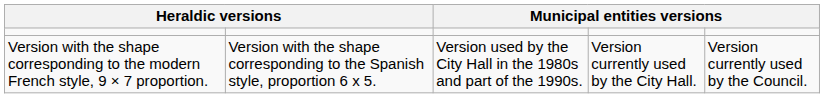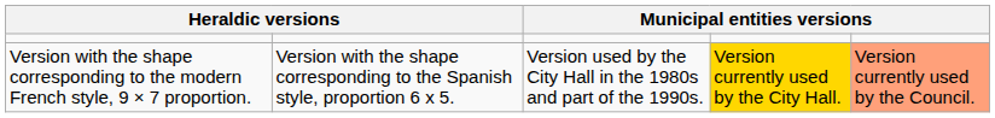 <table class="wikitable">
 <tr>
 <th colspan="2">Heraldic versions</th>
 <th colspan="3">Municipal entities versions</th>
 </tr>
 <tr>
 <td></td>
 <td></td>
 <td></td>
 <td></td>
 <td></td>
 </tr>
 <tr>
 <td>Version with the shape corresponding to the modern French style, 9 × 7 proportion.</td>
 <td>Version with the shape corresponding to the Spanish style, proportion 6 x 5.</td>
 <td>Version used by the City Hall in the 1980s and part of the 1990s.</td>
-<td>Version currently used by the City Hall.</td>
-<td>Version currently used by the Council.</td>
+<td style="background: gold;">Version currently used by the City Hall.</td>
+<td style="background: lightsalmon;">Version currently used by the Council.</td>
 </tr>
 </table>
